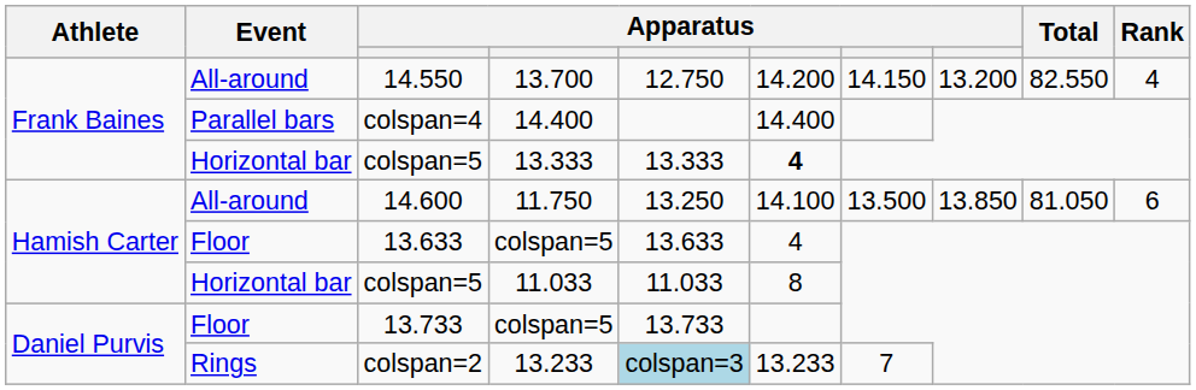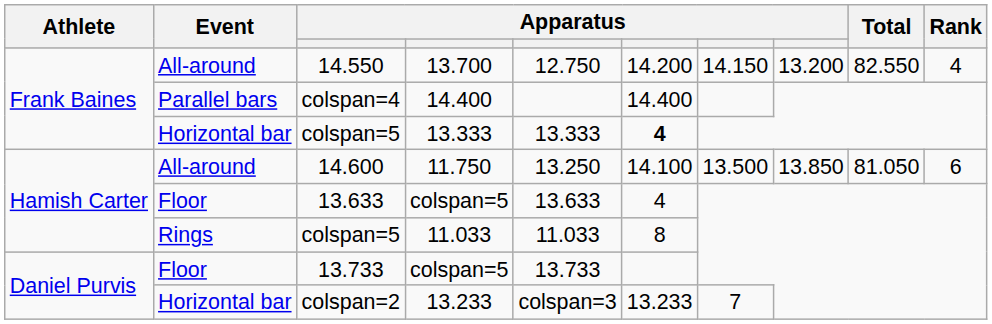 <table class="wikitable" style="font-size:90%">
 <tr>
 <th rowspan=2>Athlete</th>
 <th rowspan=2>Event</th>
 <th colspan=6>Apparatus</th>
 <th rowspan=2>Total</th>
 <th rowspan=2>Rank</th>
 </tr>
 <tr style="font-size:95%">
 <th></th>
 <th></th>
 <th></th>
 <th></th>
 <th></th>
 <th></th>
 </tr>
 <tr align=center>
 <td style="text-align:left;" rowspan="3"><a href='#'>Frank Baines</a></td>
 <td align=left><a href='#'>All-around</a></td>
 <td>14.550</td>
 <td>13.700</td>
 <td>12.750</td>
 <td>14.200</td>
 <td>14.150</td>
 <td>13.200</td>
 <td>82.550</td>
 <td>4</td>
 </tr>
 <tr align=center>
 <td align=left><a href='#'>Parallel bars</a></td>
 <td>colspan=4 </td>
 <td>14.400</td>
 <td></td>
 <td>14.400</td>
 <td></td>
 </tr>
 <tr align=center>
 <td align=left><a href='#'>Horizontal bar</a></td>
 <td>colspan=5 </td>
 <td>13.333</td>
 <td>13.333</td>
 <td><strong>4</strong></td>
 </tr>
 <tr align=center>
 <td style="text-align:left;" rowspan="3"><a href='#'>Hamish Carter</a></td>
 <td align=left><a href='#'>All-around</a></td>
 <td>14.600</td>
 <td>11.750</td>
 <td>13.250</td>
 <td>14.100</td>
 <td>13.500</td>
 <td>13.850</td>
 <td>81.050</td>
 <td>6</td>
 </tr>
 <tr align=center>
 <td align=left><a href='#'>Floor</a></td>
 <td>13.633</td>
 <td>colspan=5 </td>
 <td>13.633</td>
 <td>4</td>
 </tr>
 <tr align=center>
-<td align=left><a href='#'>Horizontal bar</a></td>
+<td align=left><a href='#'>Rings</a></td>
 <td>colspan=5 </td>
 <td>11.033</td>
 <td>11.033</td>
 <td>8</td>
 </tr>
 <tr align=center>
 <td style="text-align:left;" rowspan="2"><a href='#'>Daniel Purvis</a></td>
 <td align=left><a href='#'>Floor</a></td>
 <td>13.733</td>
 <td>colspan=5 </td>
 <td>13.733</td>
 <td></td>
 </tr>
 <tr align=center>
-<td align=left><a href='#'>Rings</a></td>
+<td align=left><a href='#'>Horizontal bar</a></td>
 <td>colspan=2 </td>
 <td>13.233</td>
-<td style="background: lightblue;">colspan=3 </td>
+<td>colspan=3 </td>
 <td>13.233</td>
 <td>7</td>
 </tr>
 </table>
